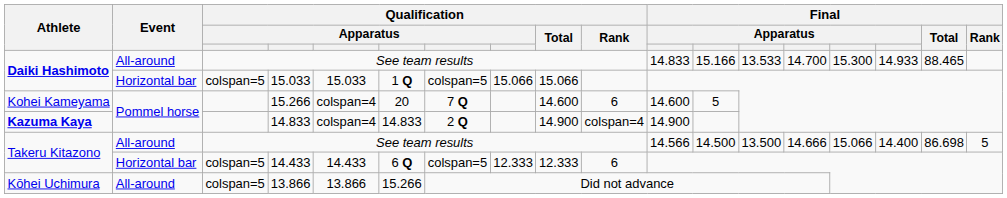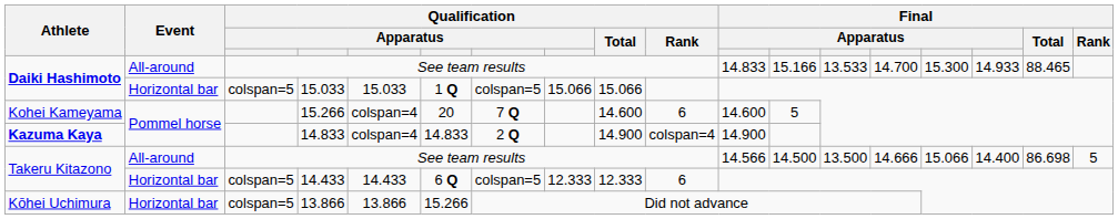 <table class="wikitable" style="font-size:90%">
 <tr>
 <th rowspan=3>Athlete</th>
 <th rowspan=3>Event</th>
 <th colspan =8>Qualification</th>
 <th colspan =8>Final</th>
 </tr>
 <tr style="font-size:95%">
 <th colspan=6>Apparatus</th>
 <th rowspan=2>Total</th>
 <th rowspan=2>Rank</th>
 <th colspan=6>Apparatus</th>
 <th rowspan=2>Total</th>
 <th rowspan=2>Rank</th>
 </tr>
 <tr style="font-size:95%">
 <th></th>
 <th></th>
 <th></th>
 <th></th>
 <th></th>
 <th></th>
 <th></th>
 <th></th>
 <th></th>
 <th></th>
 <th></th>
 <th></th>
 </tr>
 <tr align=center>
 <td align=left rowspan=2><strong><a href='#'>Daiki Hashimoto</a></strong></td>
 <td align=left><a href='#'>All-around</a></td>
 <td colspan=8><em>See team results</em></td>
 <td>14.833</td>
 <td>15.166</td>
 <td>13.533</td>
 <td>14.700</td>
 <td>15.300</td>
 <td>14.933</td>
 <td>88.465</td>
 <td></td>
 </tr>
 <tr align=center>
 <td align=left><a href='#'>Horizontal bar</a></td>
 <td>colspan=5 </td>
 <td>15.033</td>
 <td>15.033</td>
 <td>1 <strong>Q</strong></td>
 <td>colspan=5 </td>
 <td>15.066</td>
 <td>15.066</td>
 <td></td>
 </tr>
 <tr align=center>
 <td align=left><a href='#'>Kohei Kameyama</a></td>
 <td align=left rowspan=2><a href='#'>Pommel horse</a></td>
 <td></td>
 <td>15.266</td>
 <td>colspan=4 </td>
 <td>20</td>
 <td>7 <strong>Q</strong></td>
 <td></td>
 <td>14.600</td>
 <td>6</td>
 <td>14.600</td>
 <td>5</td>
 </tr>
 <tr align=center>
 <td align=left><strong><a href='#'>Kazuma Kaya</a></strong></td>
 <td></td>
 <td>14.833</td>
 <td>colspan=4 </td>
 <td>14.833</td>
 <td>2 <strong>Q</strong></td>
 <td></td>
 <td>14.900</td>
 <td>colspan=4 </td>
 <td>14.900</td>
 <td></td>
 </tr>
 <tr align=center>
 <td align=left rowspan=2><a href='#'>Takeru Kitazono</a></td>
 <td align=left><a href='#'>All-around</a></td>
 <td colspan=8><em>See team results</em></td>
 <td>14.566</td>
 <td>14.500</td>
 <td>13.500</td>
 <td>14.666</td>
 <td>15.066</td>
 <td>14.400</td>
 <td>86.698</td>
 <td>5</td>
 </tr>
 <tr align=center>
 <td align=left><a href='#'>Horizontal bar</a></td>
 <td>colspan=5 </td>
 <td>14.433</td>
 <td>14.433</td>
 <td>6 <strong>Q</strong></td>
 <td>colspan=5 </td>
 <td>12.333</td>
 <td>12.333</td>
 <td>6</td>
 </tr>
 <tr align=center>
 <td align=left><a href='#'>Kōhei Uchimura</a></td>
-<td align=left><a href='#'>All-around</a></td>
+<td align=left><a href='#'>Horizontal bar</a></td>
 <td>colspan=5 </td>
 <td>13.866</td>
 <td>13.866</td>
 <td>15.266</td>
 <td colspan=8>Did not advance</td>
 </tr>
 </table>
